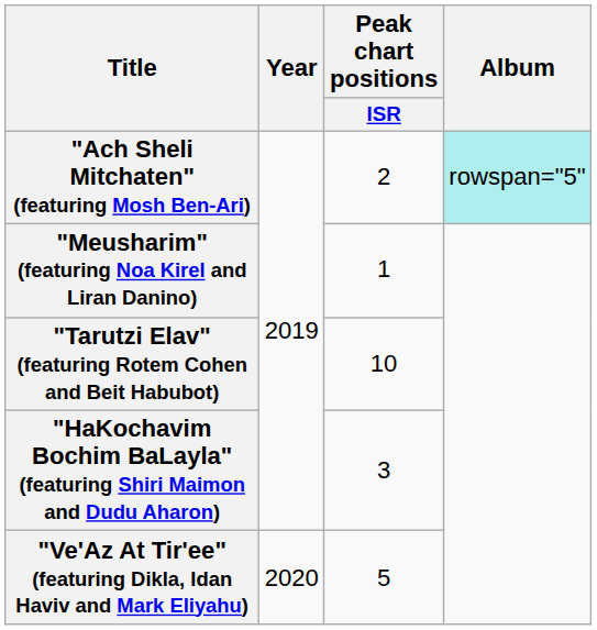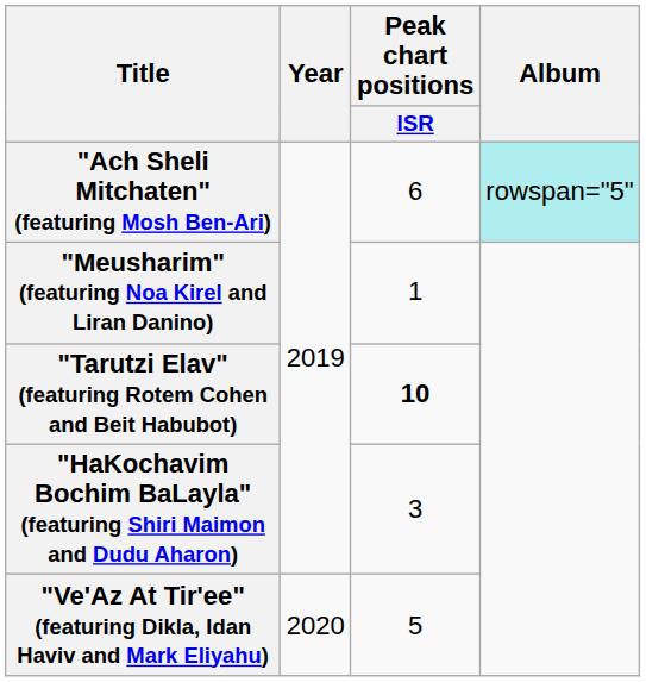 <table class="wikitable plainrowheaders" style="text-align:center;">
 <tr>
 <th rowspan="2" scope="col" style="width:10em;">Title</th>
 <th rowspan="2" scope="col" style="width:1em;">Year</th>
 <th scope="col">Peak chart positions</th>
 <th rowspan="2" scope="col">Album</th>
 </tr>
 <tr>
 <th scope="col" style="width:3em;font-size:85%;"><a href='#'>ISR</a></th>
 </tr>
 <tr>
 <th scope="row">"Ach Sheli Mitchaten"<br><small>(featuring <a href='#'>Mosh Ben-Ari</a>)</small></th>
 <td rowspan="4">2019</td>
-<td>2</td>
+<td>6</td>
 <td style="background: paleturquoise;">rowspan="5" </td>
 </tr>
 <tr>
 <th scope="row">"Meusharim"<br><small>(featuring <a href='#'>Noa Kirel</a> and Liran Danino)</small></th>
 <td>1</td>
 </tr>
 <tr>
 <th scope="row">"Tarutzi Elav"<br><small>(featuring Rotem Cohen and Beit Habubot)</small></th>
-<td>10</td>
+<td><strong>10</strong></td>
 </tr>
 <tr>
 <th scope="row">"HaKochavim Bochim BaLayla"<br><small>(featuring <a href='#'>Shiri Maimon</a> and <a href='#'>Dudu Aharon</a>)</small></th>
 <td>3</td>
 </tr>
 <tr>
 <th scope="row">"Ve'Az At Tir'ee"<br><small>(featuring Dikla, Idan Haviv and <a href='#'>Mark Eliyahu</a>)</small></th>
 <td>2020</td>
 <td>5</td>
 </tr>
 </table>
